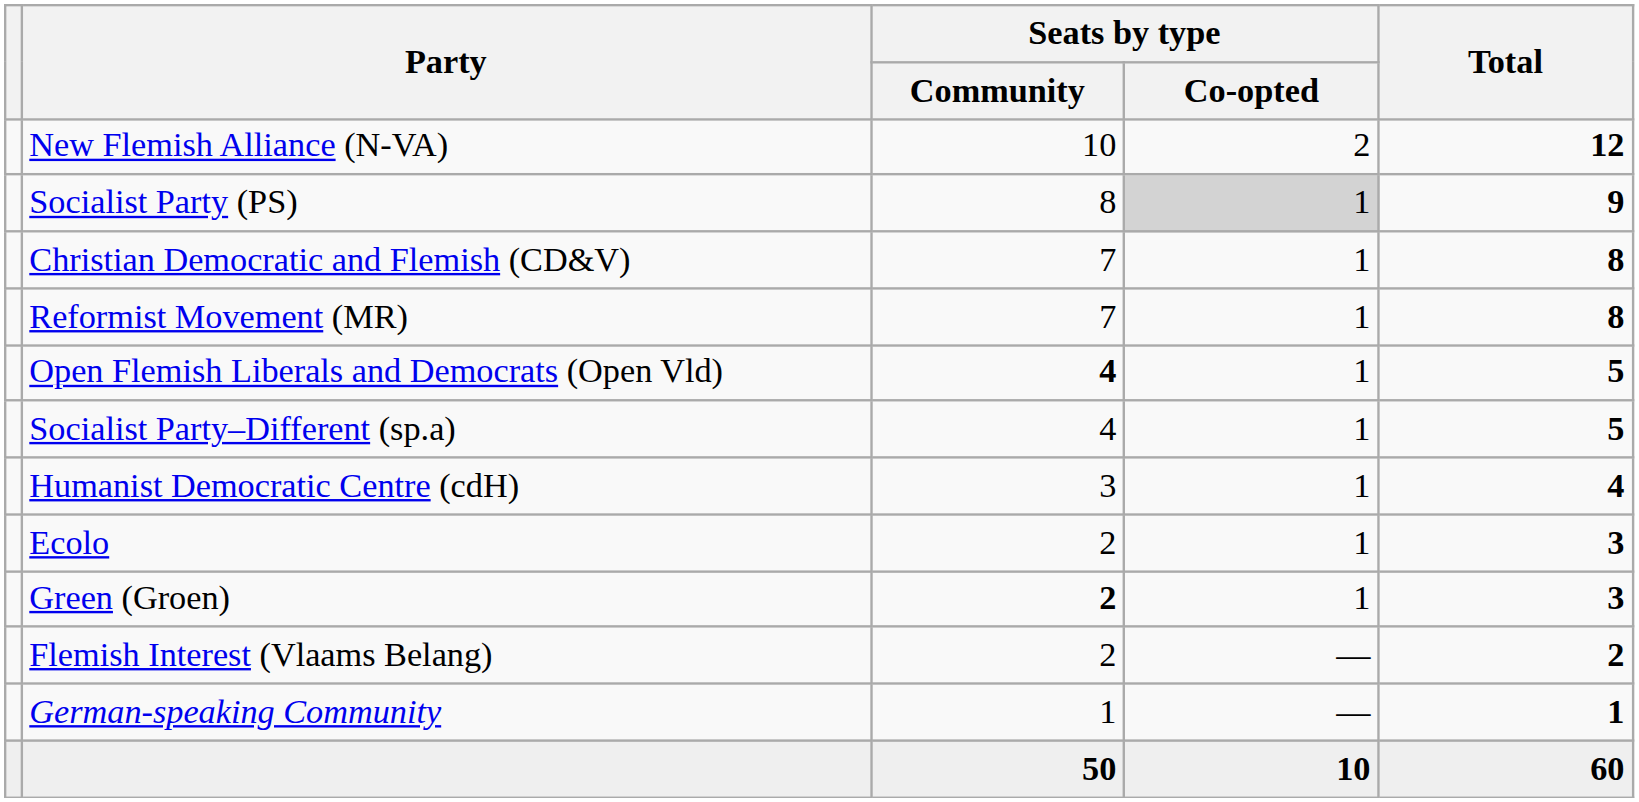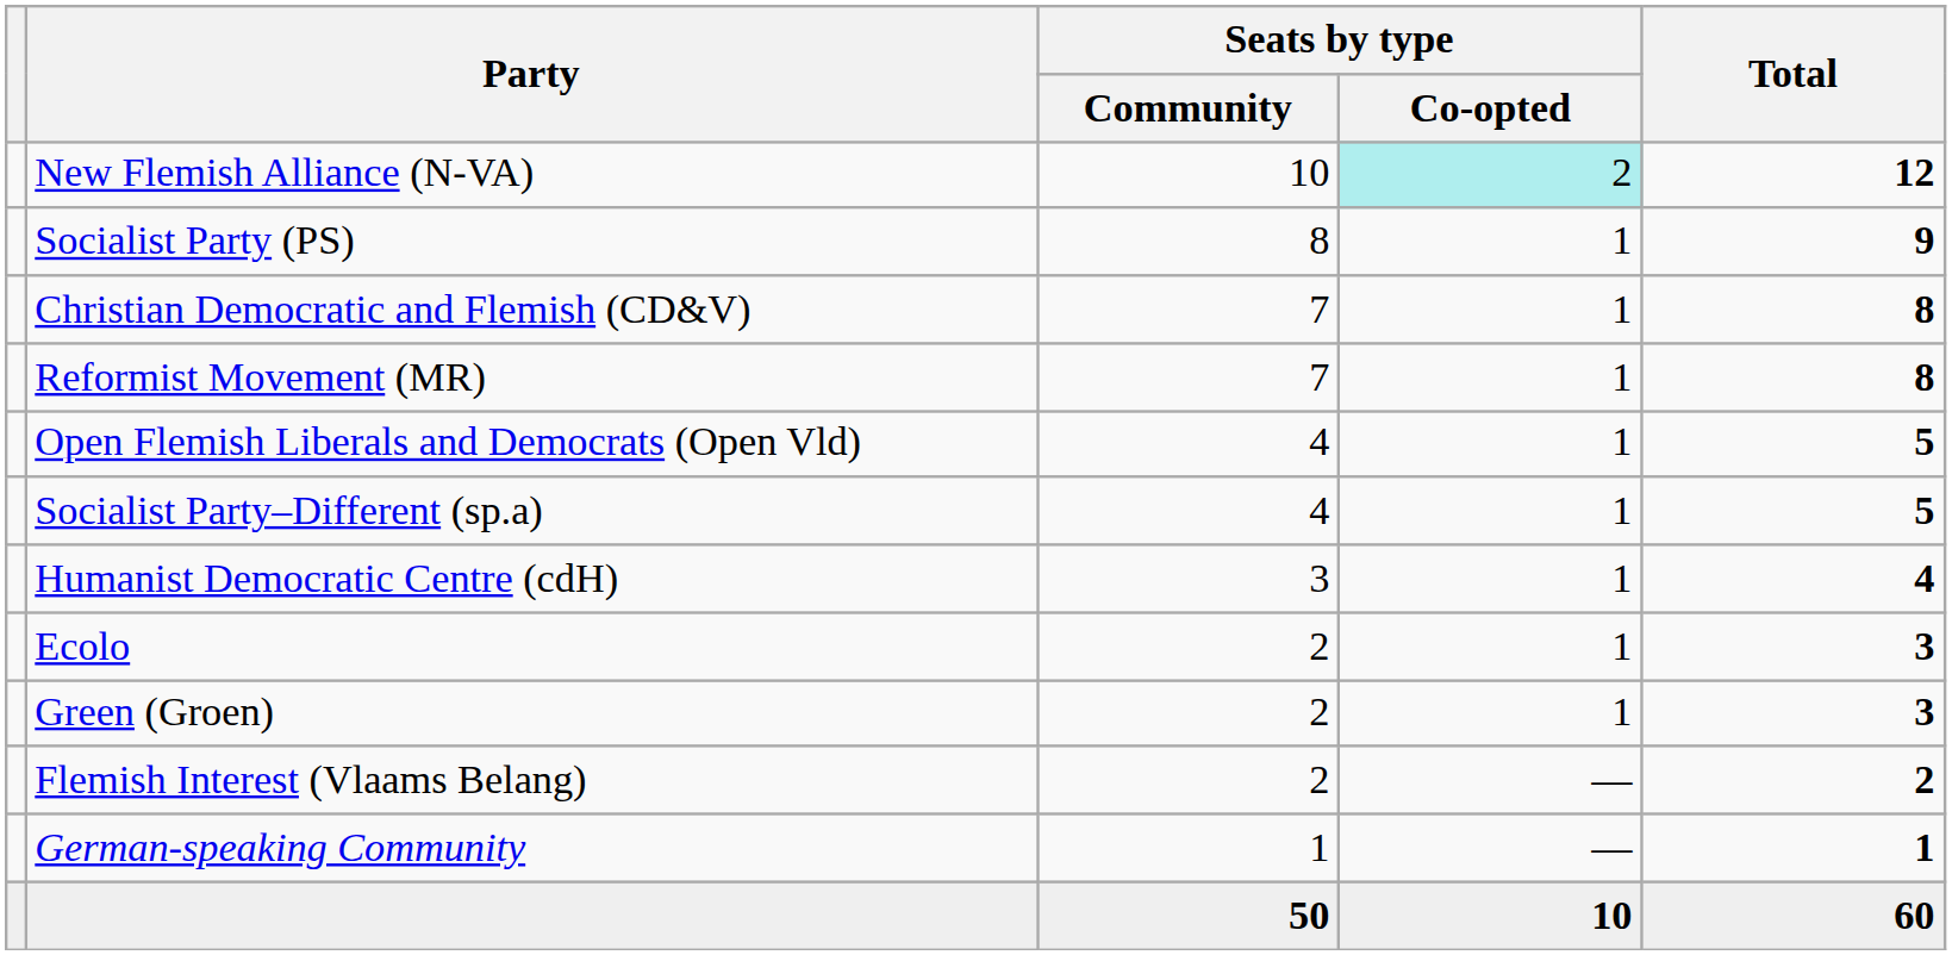 <table class="sortable wikitable" style="text-align:left; font-size:90%">
 <tr>
 <th rowspan="2" class="unsortable"></th>
 <th width="350" rowspan="2">Party</th>
 <th colspan="2">Seats by type</th>
 <th rowspan="2" width="100">Total</th>
 </tr>
 <tr>
 <th width="100">Community</th>
 <th width="100">Co-opted</th>
 </tr>
 <tr align=right>
 <td></td>
 <td align=left><a href='#'>New Flemish Alliance</a> (N-VA)</td>
 <td>10</td>
-<td>2</td>
+<td style="background: paleturquoise;">2</td>
 <td><strong>12</strong></td>
 </tr>
 <tr align=right>
 <td></td>
 <td align=left><a href='#'>Socialist Party</a> (PS)</td>
 <td>8</td>
-<td style="background: lightgrey;">1</td>
+<td>1</td>
 <td><strong>9</strong></td>
 </tr>
 <tr align=right>
 <td></td>
 <td align=left><a href='#'>Christian Democratic and Flemish</a> (CD&V)</td>
 <td>7</td>
 <td>1</td>
 <td><strong>8</strong></td>
 </tr>
 <tr align=right>
 <td></td>
 <td align=left><a href='#'>Reformist Movement</a> (MR)</td>
 <td>7</td>
 <td>1</td>
 <td><strong>8</strong></td>
 </tr>
 <tr align=right>
 <td></td>
 <td align=left><a href='#'>Open Flemish Liberals and Democrats</a> (Open Vld)</td>
-<td><strong>4</strong></td>
+<td>4</td>
 <td>1</td>
 <td><strong>5</strong></td>
 </tr>
 <tr align=right>
 <td></td>
 <td align=left><a href='#'>Socialist Party–Different</a> (sp.a)</td>
 <td>4</td>
 <td>1</td>
 <td><strong>5</strong></td>
 </tr>
 <tr align=right>
 <td></td>
 <td align=left><a href='#'>Humanist Democratic Centre</a> (cdH)</td>
 <td>3</td>
 <td>1</td>
 <td><strong>4</strong></td>
 </tr>
 <tr align=right>
 <td></td>
 <td align=left><a href='#'>Ecolo</a></td>
 <td>2</td>
 <td>1</td>
 <td><strong>3</strong></td>
 </tr>
 <tr align=right>
 <td></td>
 <td align=left><a href='#'>Green</a> (Groen)</td>
-<td><strong>2</strong></td>
+<td>2</td>
 <td>1</td>
 <td><strong>3</strong></td>
 </tr>
 <tr align=right>
 <td></td>
 <td align=left><a href='#'>Flemish Interest</a> (Vlaams Belang)</td>
 <td>2</td>
 <td>—</td>
 <td><strong>2</strong></td>
 </tr>
 <tr align=right>
 <td></td>
 <td align=left><em><a href='#'>German-speaking Community</a></em></td>
 <td>1</td>
 <td>—</td>
 <td><strong>1</strong></td>
 </tr>
 <tr align=right bgcolor=efefef>
 <td></td>
 <td></td>
 <td><strong>50</strong></td>
 <td><strong>10</strong></td>
 <td><strong>60</strong></td>
 </tr>
 </table>
